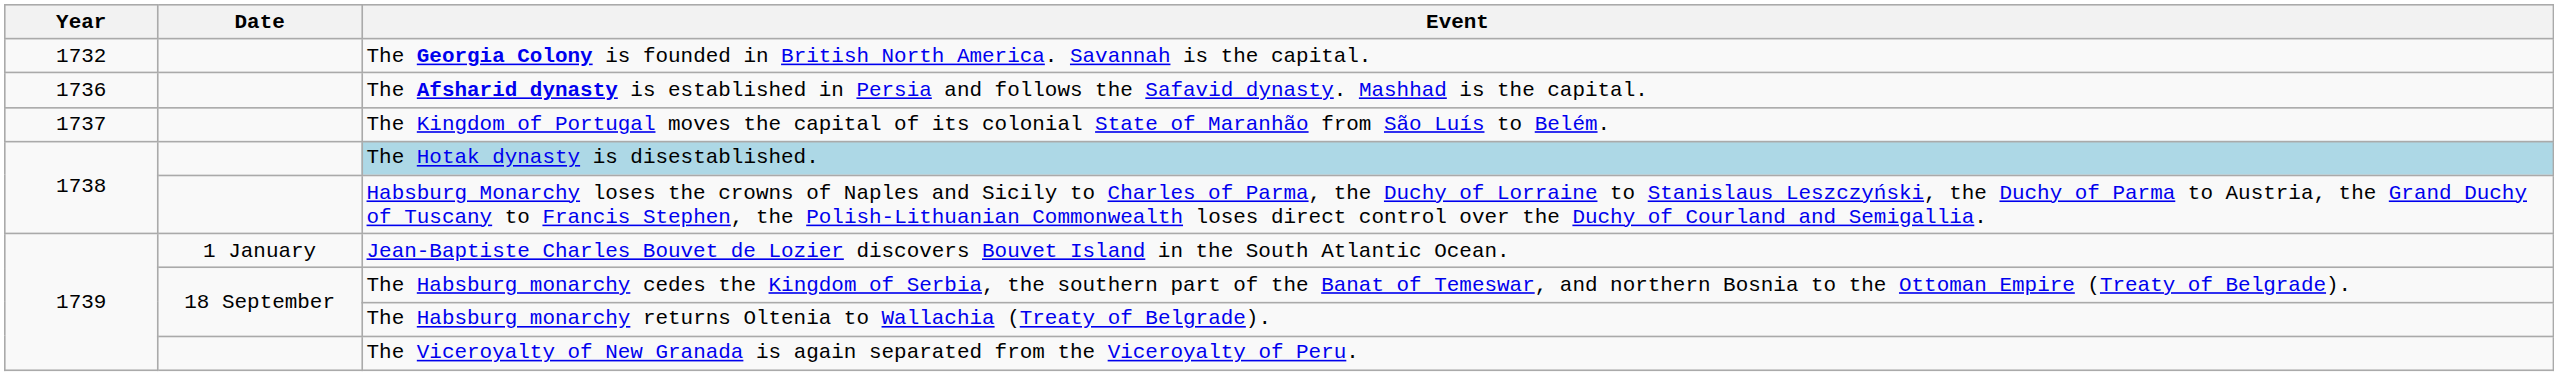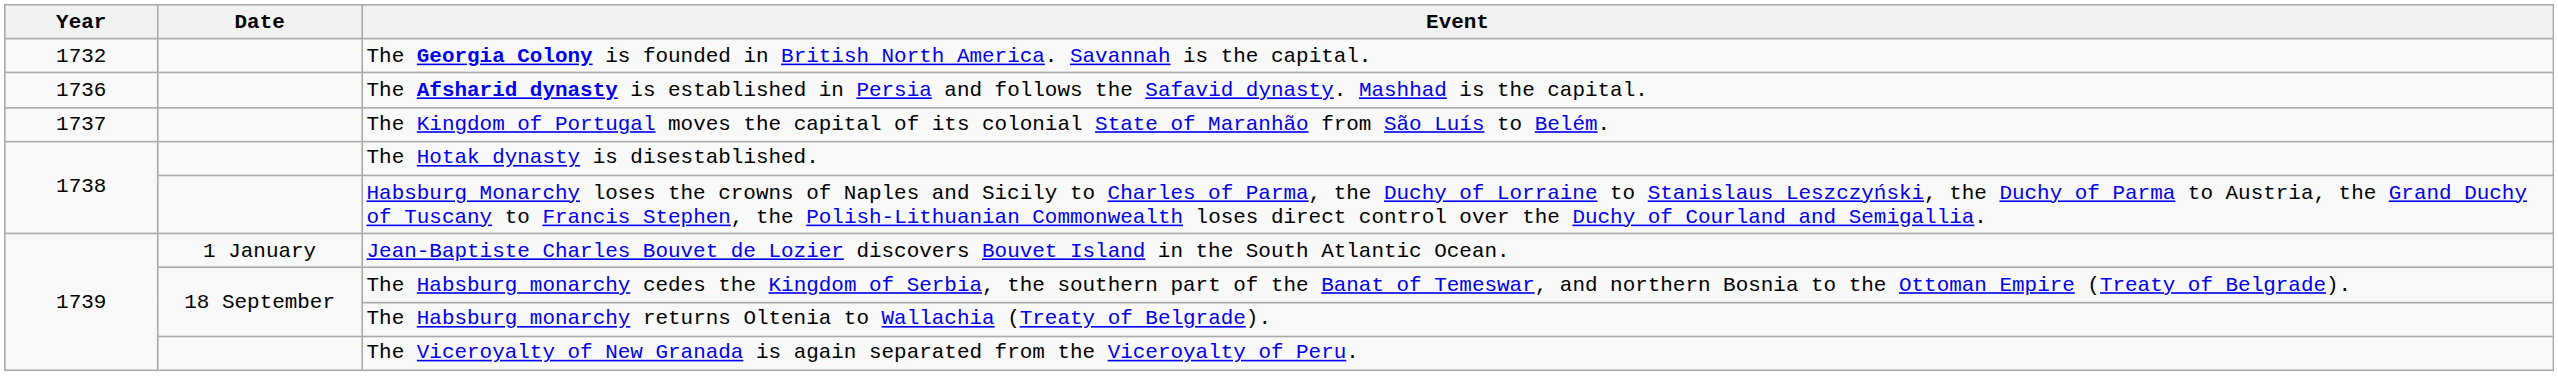 <table class=wikitable style="width:100%;">
 <tr>
 <th style="width:6%">Year</th>
 <th style="width:8%">Date</th>
 <th style="width:86%">Event</th>
 </tr>
 <tr>
 <td align=center>1732</td>
 <td></td>
 <td>The <strong><a href='#'>Georgia Colony</a></strong> is founded in <a href='#'>British North America</a>. <a href='#'>Savannah</a> is the capital.</td>
 </tr>
 <tr>
 <td align=center>1736</td>
 <td></td>
 <td>The <strong><a href='#'>Afsharid dynasty</a></strong> is established in <a href='#'>Persia</a> and follows the <a href='#'>Safavid dynasty</a>. <a href='#'>Mashhad</a> is the capital.</td>
 </tr>
 <tr>
 <td align=center>1737</td>
 <td></td>
 <td>The <a href='#'>Kingdom of Portugal</a> moves the capital of its colonial <a href='#'>State of Maranhão</a> from <a href='#'>São Luís</a> to <a href='#'>Belém</a>.</td>
 </tr>
 <tr>
 <td rowspan="2" align="center">1738</td>
 <td></td>
-<td style="background: lightblue;">The <a href='#'>Hotak dynasty</a> is disestablished.</td>
+<td>The <a href='#'>Hotak dynasty</a> is disestablished.</td>
 </tr>
 <tr>
 <td></td>
 <td><a href='#'>Habsburg Monarchy</a> loses the crowns of Naples and Sicily to <a href='#'>Charles of Parma</a>, the <a href='#'>Duchy of Lorraine</a> to <a href='#'>Stanislaus Leszczyński</a>, the <a href='#'>Duchy of Parma</a> to Austria, the <a href='#'>Grand Duchy of Tuscany</a> to <a href='#'>Francis Stephen</a>, the <a href='#'>Polish-Lithuanian Commonwealth</a> loses direct control over the <a href='#'>Duchy of Courland and Semigallia</a>.</td>
 </tr>
 <tr>
 <td rowspan=4 align=center>1739</td>
 <td align=center>1 January</td>
 <td><a href='#'>Jean-Baptiste Charles Bouvet de Lozier</a> discovers <a href='#'>Bouvet Island</a> in the South Atlantic Ocean.</td>
 </tr>
 <tr>
 <td rowspan=2 align=center>18 September</td>
 <td>The <a href='#'>Habsburg monarchy</a> cedes the <a href='#'>Kingdom of Serbia</a>, the southern part of the <a href='#'>Banat of Temeswar</a>, and northern Bosnia to the <a href='#'>Ottoman Empire</a> (<a href='#'>Treaty of Belgrade</a>).</td>
 </tr>
 <tr>
 <td>The <a href='#'>Habsburg monarchy</a> returns Oltenia to <a href='#'>Wallachia</a> (<a href='#'>Treaty of Belgrade</a>).</td>
 </tr>
 <tr>
 <td></td>
 <td>The <a href='#'>Viceroyalty of New Granada</a> is again separated from the <a href='#'>Viceroyalty of Peru</a>.</td>
 </tr>
 </table>
